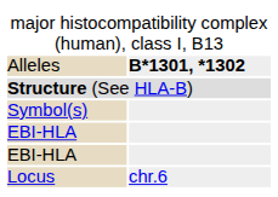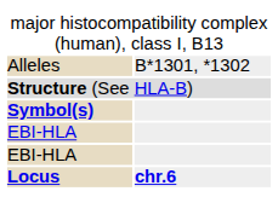 <table id="drugInfoBox" style="float: right; clear: right; margin: 0 0 0.5em 1em; background: #ffffff;" class="toccolours" border=0 cellpadding=0 align=right width="240px">
 <tr>
 <td align="center" colspan="3"></td>
 </tr>
 <tr style="text-align: center; line-height: 1.00;background:#eeeeee">
 <td colspan="3" color="white"></td>
 </tr>
 <tr>
 <td align="center" colspan="2"></td>
 </tr>
 <tr>
 <td align="center" colspan="2"><div>major histocompatibility complex (human), class I, B13</div></td>
 </tr>
 <tr>
 <td bgcolor="#e7dcc3">Alleles</td>
-<td bgcolor="#eeeeee"><strong>B*1301, *1302<br></strong></td>
+<td bgcolor="#eeeeee">B*1301, *1302<br></td>
 </tr>
 <tr>
 <td colspan="2" bgcolor="#dddddd"><strong>Structure</strong> (See <a href='#'>HLA-B</a>)</td>
 </tr>
 <tr>
-<td bgcolor="#e7dcc3"><a href='#'>Symbol(s)</a></td>
+<td bgcolor="#e7dcc3"><strong><a href='#'>Symbol(s)</a></strong></td>
 <td bgcolor="#eeeeee"></td>
 </tr>
 <tr>
 <td bgcolor="#e7dcc3"><a href='#'>EBI-HLA</a></td>
 <td bgcolor="#eeeeee"></td>
 </tr>
 <tr>
 <td bgcolor="#e7dcc3">EBI-HLA</td>
 <td bgcolor="#eeeeee"></td>
 </tr>
 <tr>
-<td bgcolor="#e7dcc3"><a href='#'>Locus</a></td>
-<td bgcolor="#eeeeee"><a href='#'>chr.6</a> <em></em></td>
+<td bgcolor="#e7dcc3"><strong><a href='#'>Locus</a></strong></td>
+<td bgcolor="#eeeeee"><strong><a href='#'>chr.6</a> <em></em></strong></td>
 </tr>
 <tr>
 </tr>
 </table>
